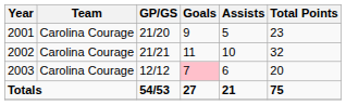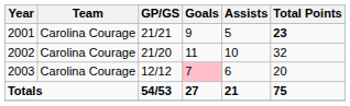 <table class="wikitable">
 <tr>
 <th>Year</th>
 <th>Team</th>
 <th>GP/GS</th>
 <th>Goals</th>
 <th>Assists</th>
 <th>Total Points</th>
 </tr>
 <tr>
 <td>2001</td>
 <td>Carolina Courage</td>
-<td>21/20</td>
+<td>21/21</td>
 <td>9</td>
 <td>5</td>
-<td>23</td>
+<td><strong>23</strong></td>
 </tr>
 <tr>
 <td>2002</td>
 <td>Carolina Courage</td>
-<td>21/21</td>
+<td>21/20</td>
 <td>11</td>
 <td>10</td>
 <td>32</td>
 </tr>
 <tr>
 <td>2003</td>
 <td>Carolina Courage</td>
 <td>12/12</td>
 <td style="background: pink;">7</td>
 <td>6</td>
 <td>20</td>
 </tr>
 <tr>
 <td colspan=2><strong>Totals</strong></td>
 <td><strong>54/53</strong></td>
 <td><strong>27</strong></td>
 <td><strong>21</strong></td>
 <td><strong>75</strong></td>
 </tr>
 <tr>
 </tr>
 </table>
